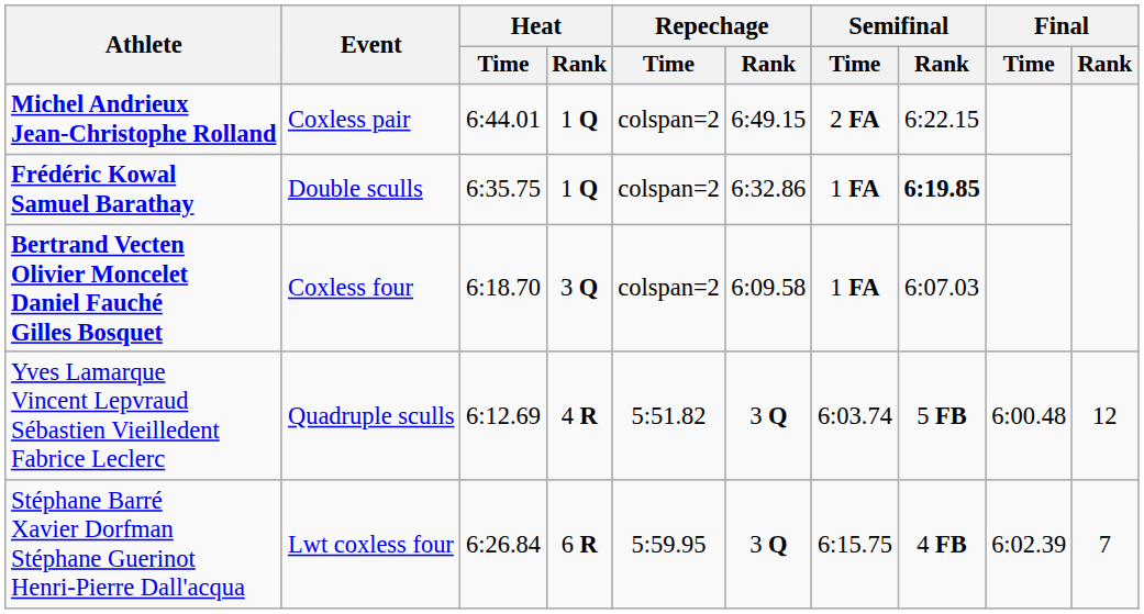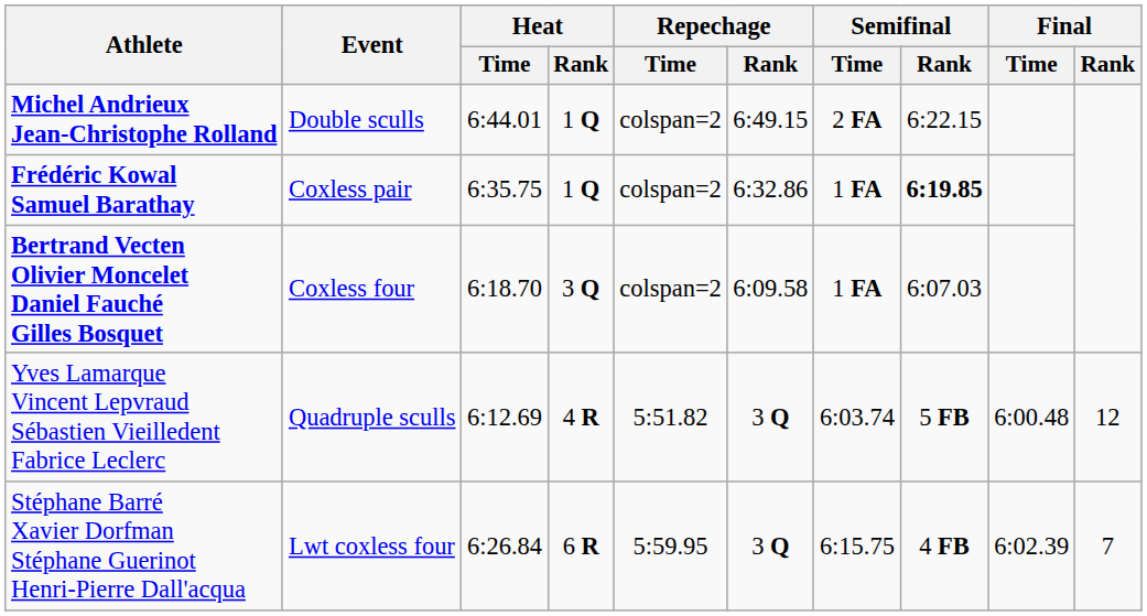 <table class=wikitable style=font-size:90%;text-align:center>
 <tr>
 <th rowspan=2>Athlete</th>
 <th rowspan=2>Event</th>
 <th colspan=2>Heat</th>
 <th colspan=2>Repechage</th>
 <th colspan=2>Semifinal</th>
 <th colspan=2>Final</th>
 </tr>
 <tr style=font-size:95%>
 <th>Time</th>
 <th>Rank</th>
 <th>Time</th>
 <th>Rank</th>
 <th>Time</th>
 <th>Rank</th>
 <th>Time</th>
 <th>Rank</th>
 </tr>
 <tr>
 <td align=left><strong><a href='#'>Michel Andrieux</a><br><a href='#'>Jean-Christophe Rolland</a></strong></td>
-<td align=left><a href='#'>Coxless pair</a></td>
+<td align=left><a href='#'>Double sculls</a></td>
 <td>6:44.01</td>
 <td>1 <strong>Q</strong></td>
 <td>colspan=2 </td>
 <td>6:49.15</td>
 <td>2 <strong>FA</strong></td>
 <td>6:22.15</td>
 <td></td>
 </tr>
 <tr>
 <td align=left><strong><a href='#'>Frédéric Kowal</a><br><a href='#'>Samuel Barathay</a></strong></td>
-<td align=left><a href='#'>Double sculls</a></td>
+<td align=left><a href='#'>Coxless pair</a></td>
 <td>6:35.75</td>
 <td>1 <strong>Q</strong></td>
 <td>colspan=2 </td>
 <td>6:32.86</td>
 <td>1 <strong>FA</strong></td>
 <td><strong>6:19.85</strong></td>
 <td></td>
 </tr>
 <tr>
 <td align=left><strong><a href='#'>Bertrand Vecten</a><br><a href='#'>Olivier Moncelet</a><br><a href='#'>Daniel Fauché</a><br><a href='#'>Gilles Bosquet</a></strong></td>
 <td align=left><a href='#'>Coxless four</a></td>
 <td>6:18.70</td>
 <td>3 <strong>Q</strong></td>
 <td>colspan=2 </td>
 <td>6:09.58</td>
 <td>1 <strong>FA</strong></td>
 <td>6:07.03</td>
 <td></td>
 </tr>
 <tr>
 <td align=left><a href='#'>Yves Lamarque</a><br><a href='#'>Vincent Lepvraud</a><br><a href='#'>Sébastien Vieilledent</a><br><a href='#'>Fabrice Leclerc</a></td>
 <td align=left><a href='#'>Quadruple sculls</a></td>
 <td>6:12.69</td>
 <td>4 <strong>R</strong></td>
 <td>5:51.82</td>
 <td>3 <strong>Q</strong></td>
 <td>6:03.74</td>
 <td>5 <strong>FB</strong></td>
 <td>6:00.48</td>
 <td>12</td>
 </tr>
 <tr>
 <td align=left><a href='#'>Stéphane Barré</a><br><a href='#'>Xavier Dorfman</a><br><a href='#'>Stéphane Guerinot</a><br><a href='#'>Henri-Pierre Dall'acqua</a></td>
 <td align=left><a href='#'>Lwt coxless four</a></td>
 <td>6:26.84</td>
 <td>6 <strong>R</strong></td>
 <td>5:59.95</td>
 <td>3 <strong>Q</strong></td>
 <td>6:15.75</td>
 <td>4 <strong>FB</strong></td>
 <td>6:02.39</td>
 <td>7</td>
 </tr>
 </table>
